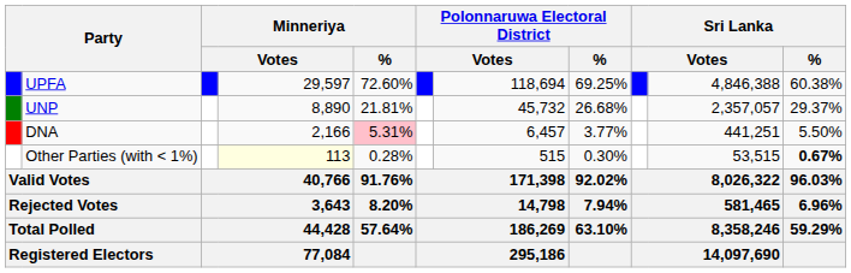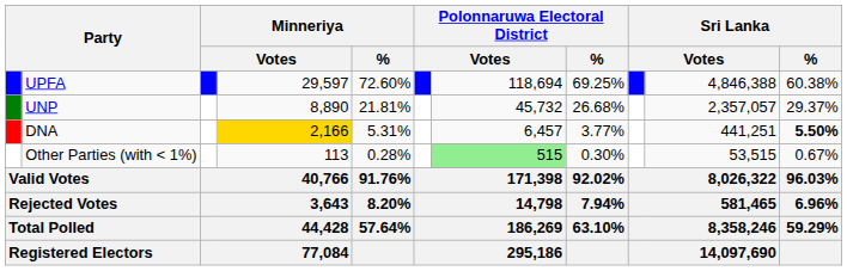 <table class="wikitable">
 <tr>
 <th colspan="2" width="144px"rowspan="2">Party</th>
 <th colspan="3" width="216px">Minneriya</th>
 <th colspan="3" width="216px"><a href='#'>Polonnaruwa Electoral District</a></th>
 <th colspan="3" width="216px">Sri Lanka</th>
 </tr>
 <tr>
 <th colspan="2" width="144px">Votes</th>
 <th>%</th>
 <th colspan="2" width="144px">Votes</th>
 <th>%</th>
 <th colspan="2" width="144px">Votes</th>
 <th>%</th>
 </tr>
 <tr>
 <td style="background-color:blue;" width="10px"></td>
 <td style="text-align:left;"><a href='#'>UPFA</a></td>
 <td style="background-color:blue;" width="10px"></td>
 <td style="text-align:right;">29,597</td>
 <td style="text-align:right;">72.60%</td>
 <td style="background-color:blue;" width="10px"></td>
 <td style="text-align:right;">118,694</td>
 <td style="text-align:right;">69.25%</td>
 <td style="background-color:blue;" width="10px"></td>
 <td style="text-align:right;">4,846,388</td>
 <td style="text-align:right;">60.38%</td>
 </tr>
 <tr>
 <td style="background-color:green;" width="10px"></td>
 <td style="text-align:left;"><a href='#'>UNP</a></td>
 <td style="background-color:white;" width="10px"></td>
 <td style="text-align:right;">8,890</td>
 <td style="text-align:right;">21.81%</td>
 <td style="background-color:white;" width="10px"></td>
 <td style="text-align:right;">45,732</td>
 <td style="text-align:right;">26.68%</td>
 <td style="background-color:white;" width="10px"></td>
 <td style="text-align:right;">2,357,057</td>
 <td style="text-align:right;">29.37%</td>
 </tr>
 <tr>
 <td style="background-color:red;" width="10px"></td>
 <td style="text-align:left;">DNA</td>
 <td style="background-color:white;" width="10px"></td>
-<td style="text-align:right;">2,166</td>
-<td style="background: pink; text-align:right;">5.31%</td>
+<td style="background: gold; text-align:right;">2,166</td>
+<td style="text-align:right;">5.31%</td>
 <td style="background-color:white;" width="10px"></td>
 <td style="text-align:right;">6,457</td>
 <td style="text-align:right;">3.77%</td>
 <td style="background-color:white;" width="10px"></td>
 <td style="text-align:right;">441,251</td>
-<td style="text-align:right;">5.50%</td>
+<td style="text-align:right;"><strong>5.50%</strong></td>
 </tr>
 <tr>
 <td style="background-color:white;" width="10px"></td>
 <td style="text-align:left;">Other Parties (with < 1%)</td>
 <td style="background-color:white;" width="10px"></td>
-<td style="background: lightyellow; text-align:right;">113</td>
+<td style="text-align:right;">113</td>
 <td style="text-align:right;">0.28%</td>
 <td style="background-color:white;" width="10px"></td>
-<td style="text-align:right;">515</td>
+<td style="background: lightgreen; text-align:right;">515</td>
 <td style="text-align:right;">0.30%</td>
 <td style="background-color:white;" width="10px"></td>
 <td style="text-align:right;">53,515</td>
-<td style="text-align:right;"><strong>0.67%</strong></td>
+<td style="text-align:right;">0.67%</td>
 </tr>
 <tr>
 <th colspan="2" width="144px"style="text-align:left;">Valid Votes</th>
 <th style="text-align:right;"colspan="2" width="144px">40,766</th>
 <th style="text-align:right;">91.76%</th>
 <th style="text-align:right;"colspan="2" width="144px">171,398</th>
 <th style="text-align:right;">92.02%</th>
 <th style="text-align:right;"colspan="2" width="144px">8,026,322</th>
 <th style="text-align:right;">96.03%</th>
 </tr>
 <tr>
 <th colspan="2" width="144px"style="text-align:left;">Rejected Votes</th>
 <th style="text-align:right;"colspan="2" width="144px">3,643</th>
 <th style="text-align:right;">8.20%</th>
 <th style="text-align:right;"colspan="2" width="144px">14,798</th>
 <th style="text-align:right;">7.94%</th>
 <th style="text-align:right;"colspan="2" width="144px">581,465</th>
 <th style="text-align:right;">6.96%</th>
 </tr>
 <tr>
 <th colspan="2" width="144px"style="text-align:left;">Total Polled</th>
 <th style="text-align:right;"colspan="2" width="144px">44,428</th>
 <th style="text-align:right;">57.64%</th>
 <th style="text-align:right;"colspan="2" width="144px">186,269</th>
 <th style="text-align:right;">63.10%</th>
 <th style="text-align:right;"colspan="2" width="144px">8,358,246</th>
 <th style="text-align:right;">59.29%</th>
 </tr>
 <tr>
 <th colspan="2" width="144px"style="text-align:left;">Registered Electors</th>
 <th style="text-align:right;"colspan="2" width="144px">77,084</th>
 <th></th>
 <th style="text-align:right;"colspan="2" width="144px">295,186</th>
 <th></th>
 <th style="text-align:right;"colspan="2" width="144px">14,097,690</th>
 <th></th>
 </tr>
 </table>
